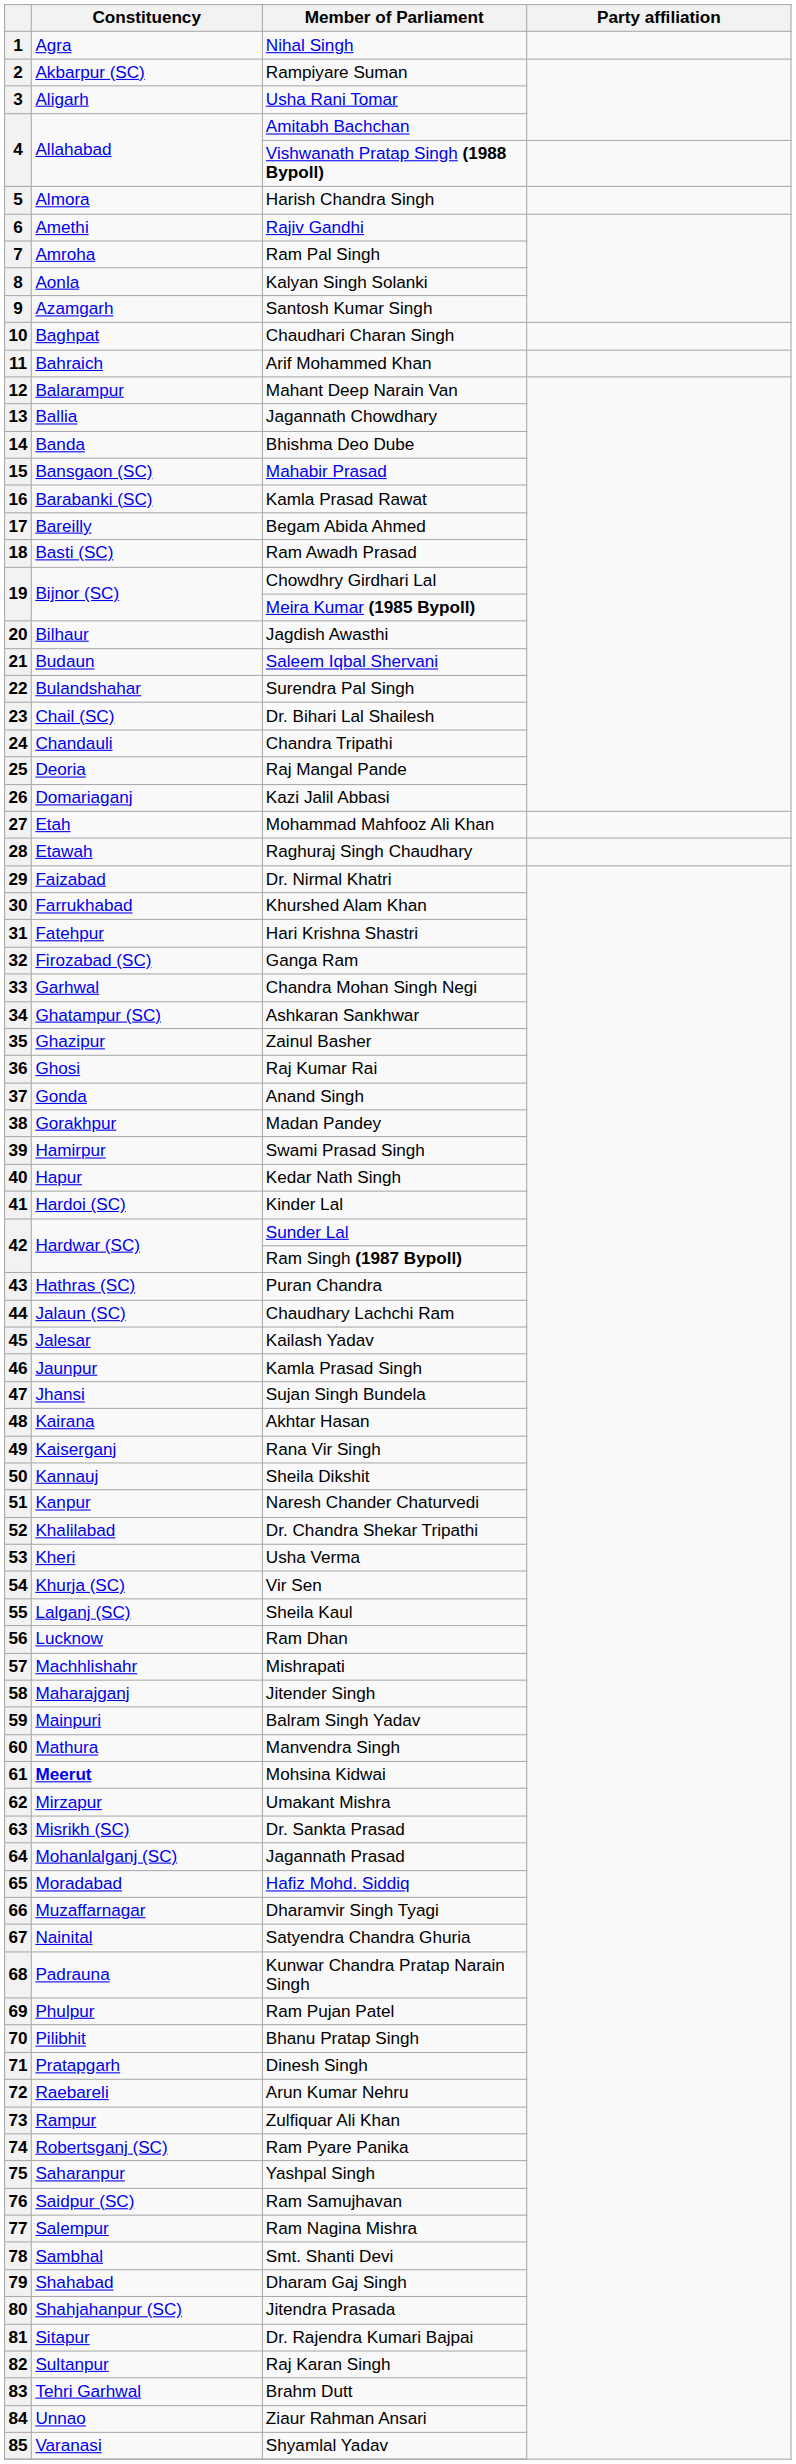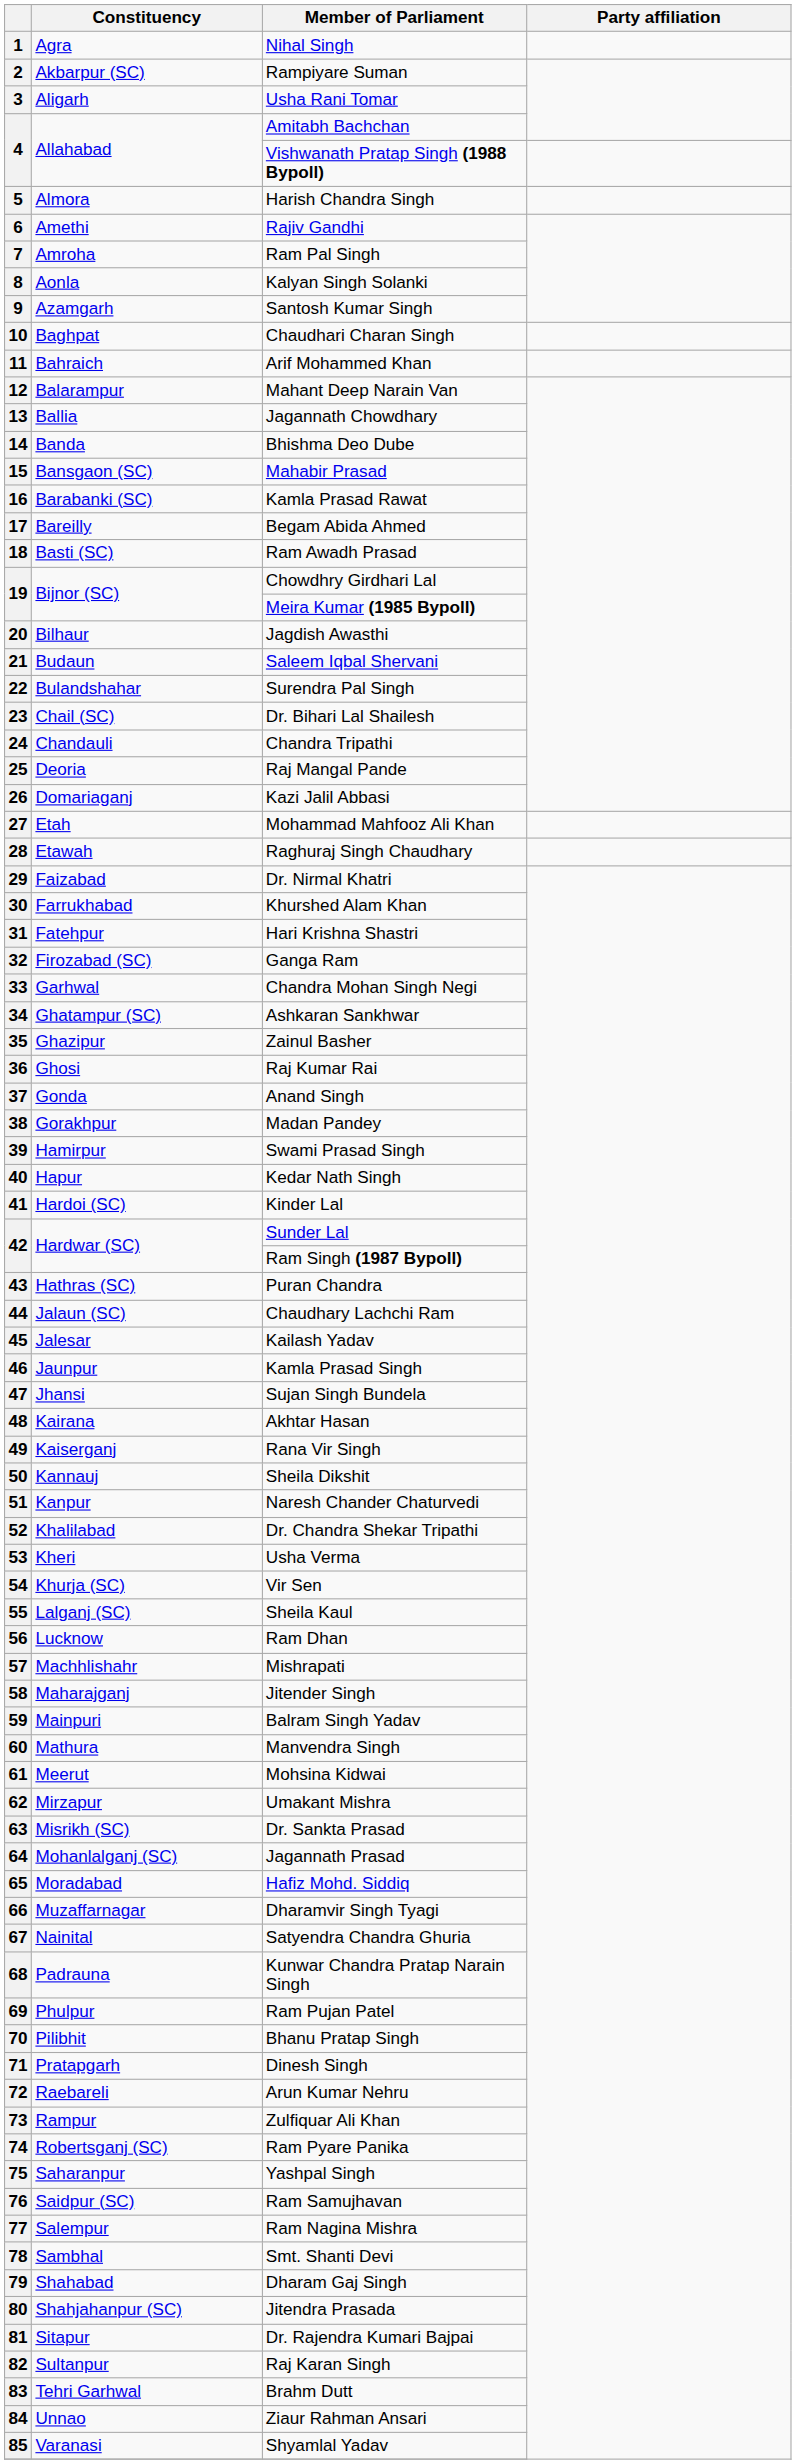 <table class="wikitable sortable">
 <tr style="text-align:center;">
 <th></th>
 <th style="width:13em">Constituency</th>
 <th style="width:15em">Member of Parliament</th>
 <th colspan="2" style="width:15em">Party affiliation</th>
 </tr>
 <tr>
 <th>1</th>
 <td><a href='#'>Agra</a></td>
 <td><a href='#'>Nihal Singh</a></td>
 <td></td>
 </tr>
 <tr>
 <th>2</th>
 <td><a href='#'>Akbarpur (SC)</a></td>
 <td>Rampiyare Suman</td>
 </tr>
 <tr>
 <th>3</th>
 <td><a href='#'>Aligarh</a></td>
 <td><a href='#'>Usha Rani Tomar</a></td>
 </tr>
 <tr>
 <th rowspan=2>4</th>
 <td rowspan=2><a href='#'>Allahabad</a></td>
 <td><a href='#'>Amitabh Bachchan</a></td>
 </tr>
 <tr>
 <td><a href='#'>Vishwanath Pratap Singh</a> <strong>(1988 Bypoll)</strong></td>
 <td></td>
 </tr>
 <tr>
 <th>5</th>
 <td><a href='#'>Almora</a></td>
 <td>Harish Chandra Singh</td>
 <td></td>
 </tr>
 <tr>
 <th>6</th>
 <td><a href='#'>Amethi</a></td>
 <td><a href='#'>Rajiv Gandhi</a></td>
 </tr>
 <tr>
 <th>7</th>
 <td><a href='#'>Amroha</a></td>
 <td>Ram Pal Singh</td>
 </tr>
 <tr>
 <th>8</th>
 <td><a href='#'>Aonla</a></td>
 <td>Kalyan Singh Solanki</td>
 </tr>
 <tr>
 <th>9</th>
 <td><a href='#'>Azamgarh</a></td>
 <td>Santosh Kumar Singh</td>
 </tr>
 <tr>
 <th>10</th>
 <td><a href='#'>Baghpat</a></td>
 <td>Chaudhari Charan Singh</td>
 <td></td>
 </tr>
 <tr>
 <th>11</th>
 <td><a href='#'>Bahraich</a></td>
 <td>Arif Mohammed Khan</td>
 <td></td>
 </tr>
 <tr>
 <th>12</th>
 <td><a href='#'>Balarampur</a></td>
 <td>Mahant Deep Narain Van</td>
 </tr>
 <tr>
 <th>13</th>
 <td><a href='#'>Ballia</a></td>
 <td>Jagannath Chowdhary</td>
 </tr>
 <tr>
 <th>14</th>
 <td><a href='#'>Banda</a></td>
 <td>Bhishma Deo Dube</td>
 </tr>
 <tr>
 <th>15</th>
 <td><a href='#'>Bansgaon (SC)</a></td>
 <td><a href='#'>Mahabir Prasad</a></td>
 </tr>
 <tr>
 <th>16</th>
 <td><a href='#'>Barabanki (SC)</a></td>
 <td>Kamla Prasad Rawat</td>
 </tr>
 <tr>
 <th>17</th>
 <td><a href='#'>Bareilly</a></td>
 <td>Begam Abida Ahmed</td>
 </tr>
 <tr>
 <th>18</th>
 <td><a href='#'>Basti (SC)</a></td>
 <td>Ram Awadh Prasad</td>
 </tr>
 <tr>
 <th rowspan=2>19</th>
 <td rowspan=2><a href='#'>Bijnor (SC)</a></td>
 <td>Chowdhry Girdhari Lal</td>
 </tr>
 <tr>
 <td><a href='#'>Meira Kumar</a> <strong>(1985 Bypoll)</strong></td>
 </tr>
 <tr>
 <th>20</th>
 <td><a href='#'>Bilhaur</a></td>
 <td>Jagdish Awasthi</td>
 </tr>
 <tr>
 <th>21</th>
 <td><a href='#'>Budaun</a></td>
 <td><a href='#'>Saleem Iqbal Shervani</a></td>
 </tr>
 <tr>
 <th>22</th>
 <td><a href='#'>Bulandshahar</a></td>
 <td>Surendra Pal Singh</td>
 </tr>
 <tr>
 <th>23</th>
 <td><a href='#'>Chail (SC)</a></td>
 <td>Dr. Bihari Lal Shailesh</td>
 </tr>
 <tr>
 <th>24</th>
 <td><a href='#'>Chandauli</a></td>
 <td>Chandra Tripathi</td>
 </tr>
 <tr>
 <th>25</th>
 <td><a href='#'>Deoria</a></td>
 <td>Raj Mangal Pande</td>
 </tr>
 <tr>
 <th>26</th>
 <td><a href='#'>Domariaganj</a></td>
 <td>Kazi Jalil Abbasi</td>
 </tr>
 <tr>
 <th>27</th>
 <td><a href='#'>Etah</a></td>
 <td>Mohammad Mahfooz Ali Khan</td>
 <td></td>
 </tr>
 <tr>
 <th>28</th>
 <td><a href='#'>Etawah</a></td>
 <td>Raghuraj Singh Chaudhary</td>
 <td></td>
 </tr>
 <tr>
 <th>29</th>
 <td><a href='#'>Faizabad</a></td>
 <td>Dr. Nirmal Khatri</td>
 </tr>
 <tr>
 <th>30</th>
 <td><a href='#'>Farrukhabad</a></td>
 <td>Khurshed Alam Khan</td>
 </tr>
 <tr>
 <th>31</th>
 <td><a href='#'>Fatehpur</a></td>
 <td>Hari Krishna Shastri</td>
 </tr>
 <tr>
 <th>32</th>
 <td><a href='#'>Firozabad (SC)</a></td>
 <td>Ganga Ram</td>
 </tr>
 <tr>
 <th>33</th>
 <td><a href='#'>Garhwal</a></td>
 <td>Chandra Mohan Singh Negi</td>
 </tr>
 <tr>
 <th>34</th>
 <td><a href='#'>Ghatampur (SC)</a></td>
 <td>Ashkaran Sankhwar</td>
 </tr>
 <tr>
 <th>35</th>
 <td><a href='#'>Ghazipur</a></td>
 <td>Zainul Basher</td>
 </tr>
 <tr>
 <th>36</th>
 <td><a href='#'>Ghosi</a></td>
 <td>Raj Kumar Rai</td>
 </tr>
 <tr>
 <th>37</th>
 <td><a href='#'>Gonda</a></td>
 <td>Anand Singh</td>
 </tr>
 <tr>
 <th>38</th>
 <td><a href='#'>Gorakhpur</a></td>
 <td>Madan Pandey</td>
 </tr>
 <tr>
 <th>39</th>
 <td><a href='#'>Hamirpur</a></td>
 <td>Swami Prasad Singh</td>
 </tr>
 <tr>
 <th>40</th>
 <td><a href='#'>Hapur</a></td>
 <td>Kedar Nath Singh</td>
 </tr>
 <tr>
 <th>41</th>
 <td><a href='#'>Hardoi (SC)</a></td>
 <td>Kinder Lal</td>
 </tr>
 <tr>
 <th rowspan=2>42</th>
 <td rowspan=2><a href='#'>Hardwar (SC)</a></td>
 <td><a href='#'>Sunder Lal</a></td>
 </tr>
 <tr>
 <td>Ram Singh <strong>(1987 Bypoll)</strong></td>
 </tr>
 <tr>
 <th>43</th>
 <td><a href='#'>Hathras (SC)</a></td>
 <td>Puran Chandra</td>
 </tr>
 <tr>
 <th>44</th>
 <td><a href='#'>Jalaun (SC)</a></td>
 <td>Chaudhary Lachchi Ram</td>
 </tr>
 <tr>
 <th>45</th>
 <td><a href='#'>Jalesar</a></td>
 <td>Kailash Yadav</td>
 </tr>
 <tr>
 <th>46</th>
 <td><a href='#'>Jaunpur</a></td>
 <td>Kamla Prasad Singh</td>
 </tr>
 <tr>
 <th>47</th>
 <td><a href='#'>Jhansi</a></td>
 <td>Sujan Singh Bundela</td>
 </tr>
 <tr>
 <th>48</th>
 <td><a href='#'>Kairana</a></td>
 <td>Akhtar Hasan</td>
 </tr>
 <tr>
 <th>49</th>
 <td><a href='#'>Kaiserganj</a></td>
 <td>Rana Vir Singh</td>
 </tr>
 <tr>
 <th>50</th>
 <td><a href='#'>Kannauj</a></td>
 <td>Sheila Dikshit</td>
 </tr>
 <tr>
 <th>51</th>
 <td><a href='#'>Kanpur</a></td>
 <td>Naresh Chander Chaturvedi</td>
 </tr>
 <tr>
 <th>52</th>
 <td><a href='#'>Khalilabad</a></td>
 <td>Dr. Chandra Shekar Tripathi</td>
 </tr>
 <tr>
 <th>53</th>
 <td><a href='#'>Kheri</a></td>
 <td>Usha Verma</td>
 </tr>
 <tr>
 <th>54</th>
 <td><a href='#'>Khurja (SC)</a></td>
 <td>Vir Sen</td>
 </tr>
 <tr>
 <th>55</th>
 <td><a href='#'>Lalganj (SC)</a></td>
 <td>Sheila Kaul</td>
 </tr>
 <tr>
 <th>56</th>
 <td><a href='#'>Lucknow</a></td>
 <td>Ram Dhan</td>
 </tr>
 <tr>
 <th>57</th>
 <td><a href='#'>Machhlishahr</a></td>
 <td>Mishrapati</td>
 </tr>
 <tr>
 <th>58</th>
 <td><a href='#'>Maharajganj</a></td>
 <td>Jitender Singh</td>
 </tr>
 <tr>
 <th>59</th>
 <td><a href='#'>Mainpuri</a></td>
 <td>Balram Singh Yadav</td>
 </tr>
 <tr>
 <th>60</th>
 <td><a href='#'>Mathura</a></td>
 <td>Manvendra Singh</td>
 </tr>
 <tr>
 <th>61</th>
-<td><strong><a href='#'>Meerut</a></strong></td>
+<td><a href='#'>Meerut</a></td>
 <td>Mohsina Kidwai</td>
 </tr>
 <tr>
 <th>62</th>
 <td><a href='#'>Mirzapur</a></td>
 <td>Umakant Mishra</td>
 </tr>
 <tr>
 <th>63</th>
 <td><a href='#'>Misrikh (SC)</a></td>
 <td>Dr. Sankta Prasad</td>
 </tr>
 <tr>
 <th>64</th>
 <td><a href='#'>Mohanlalganj (SC)</a></td>
 <td>Jagannath Prasad</td>
 </tr>
 <tr>
 <th>65</th>
 <td><a href='#'>Moradabad</a></td>
 <td><a href='#'>Hafiz Mohd. Siddiq</a></td>
 </tr>
 <tr>
 <th>66</th>
 <td><a href='#'>Muzaffarnagar</a></td>
 <td>Dharamvir Singh Tyagi</td>
 </tr>
 <tr>
 <th>67</th>
 <td><a href='#'>Nainital</a></td>
 <td>Satyendra Chandra Ghuria</td>
 </tr>
 <tr>
 <th>68</th>
 <td><a href='#'>Padrauna</a></td>
 <td>Kunwar Chandra Pratap Narain Singh</td>
 </tr>
 <tr>
 <th>69</th>
 <td><a href='#'>Phulpur</a></td>
 <td>Ram Pujan Patel</td>
 </tr>
 <tr>
 <th>70</th>
 <td><a href='#'>Pilibhit</a></td>
 <td>Bhanu Pratap Singh</td>
 </tr>
 <tr>
 <th>71</th>
 <td><a href='#'>Pratapgarh</a></td>
 <td>Dinesh Singh</td>
 </tr>
 <tr>
 <th>72</th>
 <td><a href='#'>Raebareli</a></td>
 <td>Arun Kumar Nehru</td>
 </tr>
 <tr>
 <th>73</th>
 <td><a href='#'>Rampur</a></td>
 <td>Zulfiquar Ali Khan</td>
 </tr>
 <tr>
 <th>74</th>
 <td><a href='#'>Robertsganj (SC)</a></td>
 <td>Ram Pyare Panika</td>
 </tr>
 <tr>
 <th>75</th>
 <td><a href='#'>Saharanpur</a></td>
 <td>Yashpal Singh</td>
 </tr>
 <tr>
 <th>76</th>
 <td><a href='#'>Saidpur (SC)</a></td>
 <td>Ram Samujhavan</td>
 </tr>
 <tr>
 <th>77</th>
 <td><a href='#'>Salempur</a></td>
 <td>Ram Nagina Mishra</td>
 </tr>
 <tr>
 <th>78</th>
 <td><a href='#'>Sambhal</a></td>
 <td>Smt. Shanti Devi</td>
 </tr>
 <tr>
 <th>79</th>
 <td><a href='#'>Shahabad</a></td>
 <td>Dharam Gaj Singh</td>
 </tr>
 <tr>
 <th>80</th>
 <td><a href='#'>Shahjahanpur (SC)</a></td>
 <td>Jitendra Prasada</td>
 </tr>
 <tr>
 <th>81</th>
 <td><a href='#'>Sitapur</a></td>
 <td>Dr. Rajendra Kumari Bajpai</td>
 </tr>
 <tr>
 <th>82</th>
 <td><a href='#'>Sultanpur</a></td>
 <td>Raj Karan Singh</td>
 </tr>
 <tr>
 <th>83</th>
 <td><a href='#'>Tehri Garhwal</a></td>
 <td>Brahm Dutt</td>
 </tr>
 <tr>
 <th>84</th>
 <td><a href='#'>Unnao</a></td>
 <td>Ziaur Rahman Ansari</td>
 </tr>
 <tr>
 <th>85</th>
 <td><a href='#'>Varanasi</a></td>
 <td>Shyamlal Yadav</td>
 </tr>
 <tr>
 </tr>
 </table>
